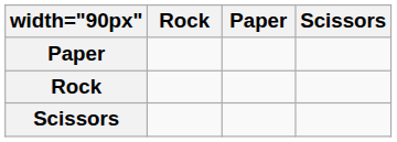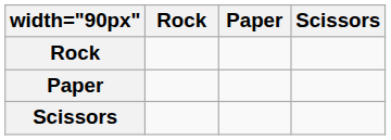 <table class="wikitable" style="margin-left: auto; margin-right: auto; border: none;">
 <tr>
 <th>width="90px" </th>
 <th width="50px">Rock</th>
 <th width="50px">Paper</th>
 <th width="50px">Scissors</th>
 </tr>
 <tr>
-<th>Paper</th>
+<th>Rock</th>
 <td></td>
 <td></td>
 <td></td>
 </tr>
 <tr>
-<th>Rock</th>
+<th>Paper</th>
 <td></td>
 <td></td>
 <td></td>
 </tr>
 <tr>
 <th>Scissors</th>
 <td></td>
 <td></td>
 <td></td>
 </tr>
 </table>
